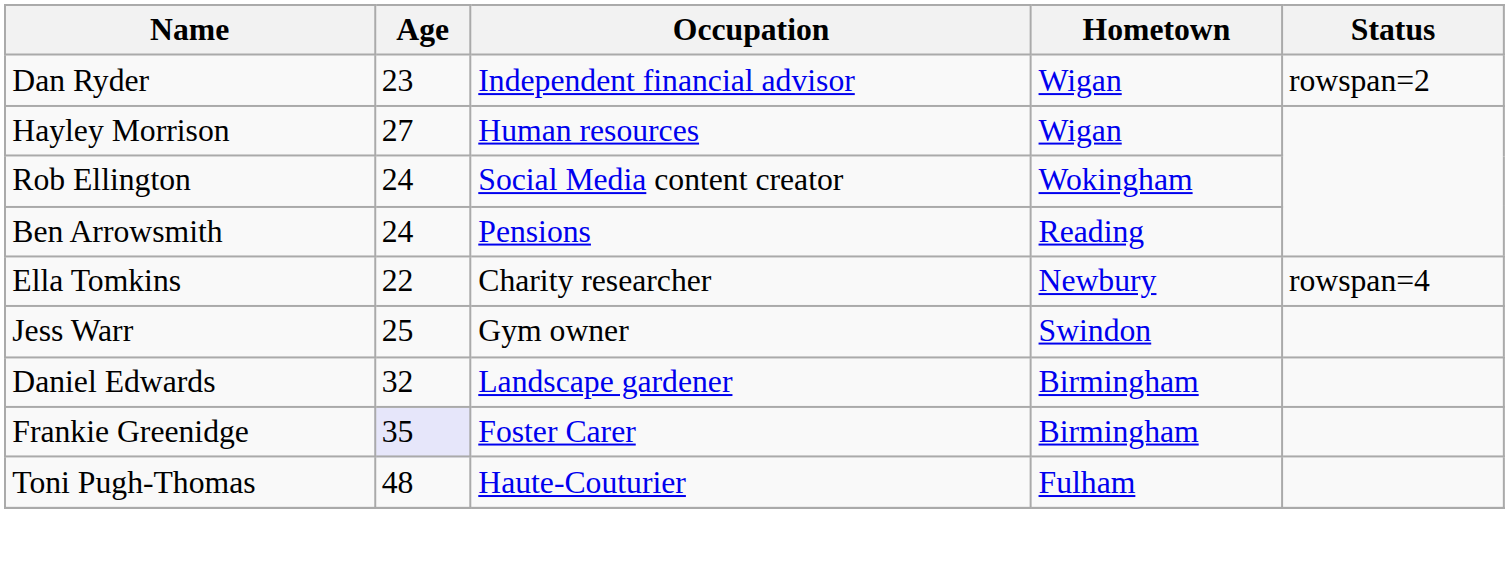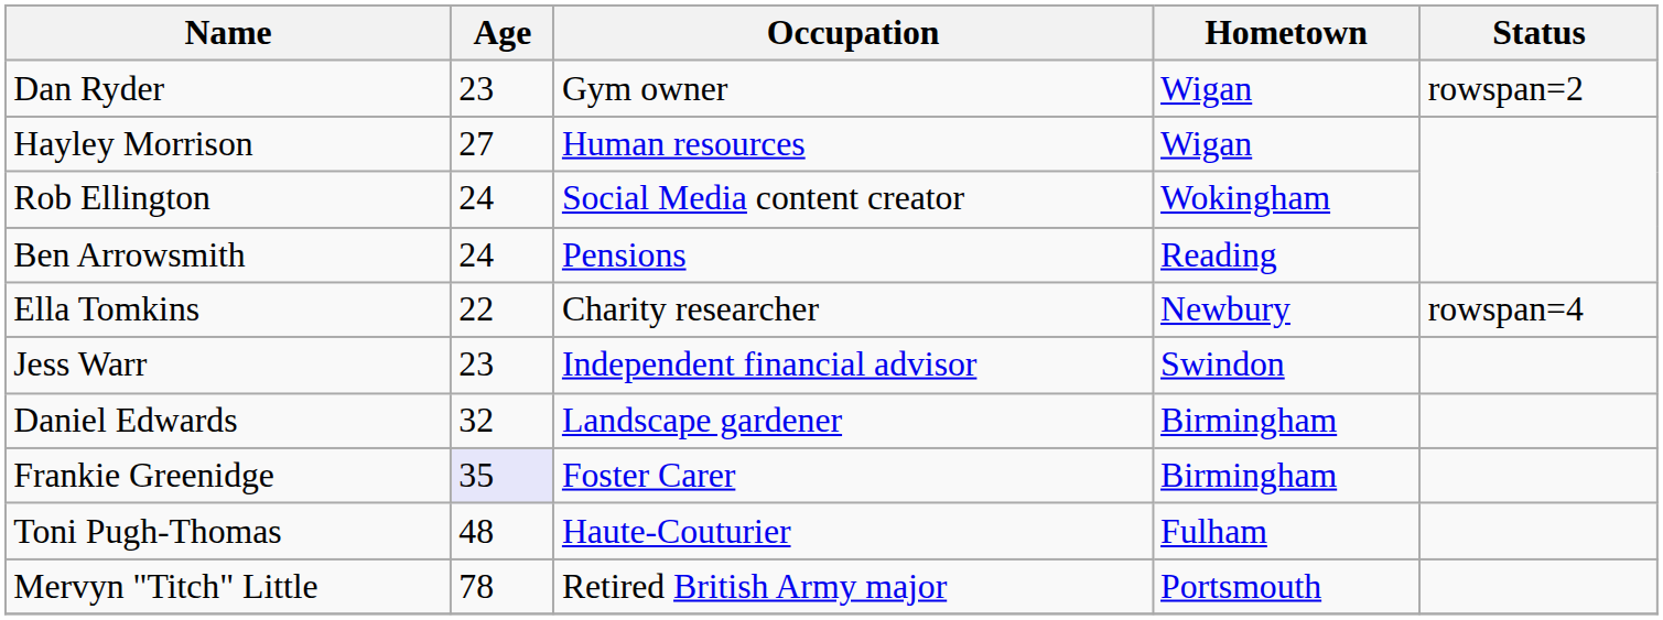 <table class="wikitable sortable" width=60%>
 <tr>
 <th>Name</th>
 <th>Age</th>
 <th>Occupation</th>
 <th>Hometown</th>
 <th>Status</th>
 </tr>
 <tr>
 <td>Dan Ryder</td>
 <td>23</td>
-<td><a href='#'>Independent financial advisor</a></td>
+<td>Gym owner</td>
 <td><a href='#'>Wigan</a></td>
 <td>rowspan=2 </td>
 </tr>
 <tr>
 <td>Hayley Morrison</td>
 <td>27</td>
 <td><a href='#'>Human resources</a></td>
 <td><a href='#'>Wigan</a></td>
 </tr>
 <tr>
 <td>Rob Ellington</td>
 <td>24</td>
 <td><a href='#'>Social Media</a> content creator</td>
 <td><a href='#'>Wokingham</a></td>
 </tr>
 <tr>
 <td>Ben Arrowsmith</td>
 <td>24</td>
 <td><a href='#'>Pensions</a></td>
 <td><a href='#'>Reading</a></td>
 </tr>
 <tr>
 <td>Ella Tomkins</td>
 <td>22</td>
 <td>Charity researcher</td>
 <td><a href='#'>Newbury</a></td>
 <td>rowspan=4 </td>
 </tr>
 <tr>
 <td>Jess Warr</td>
-<td>25</td>
-<td>Gym owner</td>
+<td>23</td>
+<td><a href='#'>Independent financial advisor</a></td>
 <td><a href='#'>Swindon</a></td>
 </tr>
 <tr>
 <td>Daniel Edwards</td>
 <td>32</td>
 <td><a href='#'>Landscape gardener</a></td>
 <td><a href='#'>Birmingham</a></td>
 <td></td>
 </tr>
 <tr>
 <td>Frankie Greenidge</td>
 <td style="background: lavender;">35</td>
 <td><a href='#'>Foster Carer</a></td>
 <td><a href='#'>Birmingham</a></td>
 <td></td>
 </tr>
 <tr>
 <td>Toni Pugh-Thomas</td>
 <td>48</td>
 <td><a href='#'>Haute-Couturier</a></td>
 <td><a href='#'>Fulham</a></td>
 <td></td>
 </tr>
 <tr>
+<td>Mervyn "Titch" Little</td>
+<td>78</td>
+<td>Retired <a href='#'>British Army major</a></td>
+<td><a href='#'>Portsmouth</a></td>
+<td></td>
+</tr>
+<tr>
 </tr>
 </table>
